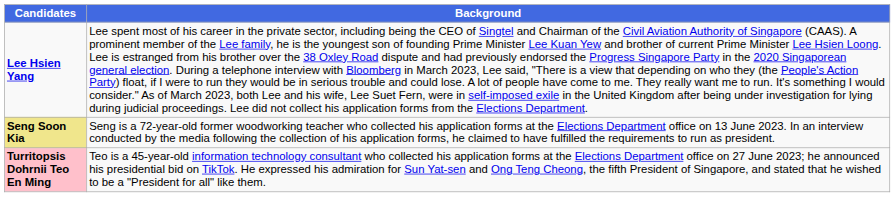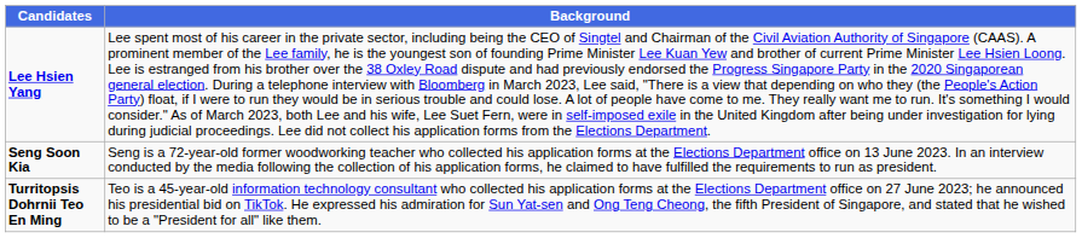 <table class="wikitable">
 <tr>
 <th style="background:RoyalBlue; color: white;">Candidates</th>
 <th style="background:RoyalBlue; color: white;">Background</th>
 </tr>
 <tr>
 <td><strong><a href='#'>Lee Hsien Yang</a></strong></td>
 <td>Lee spent most of his career in the private sector, including being the CEO of <a href='#'>Singtel</a> and Chairman of the <a href='#'>Civil Aviation Authority of Singapore</a> (CAAS). A prominent member of the <a href='#'>Lee family</a>, he is the youngest son of founding Prime Minister <a href='#'>Lee Kuan Yew</a> and brother of current Prime Minister <a href='#'>Lee Hsien Loong</a>. Lee is estranged from his brother over the <a href='#'>38 Oxley Road</a> dispute and had previously endorsed the <a href='#'>Progress Singapore Party</a> in the <a href='#'>2020 Singaporean general election</a>. During a telephone interview with <a href='#'>Bloomberg</a> in March 2023, Lee said, "There is a view that depending on who they (the <a href='#'>People's Action Party</a>) float, if I were to run they would be in serious trouble and could lose. A lot of people have come to me. They really want me to run. It's something I would consider." As of March 2023, both Lee and his wife, Lee Suet Fern, were in <a href='#'>self-imposed exile</a> in the United Kingdom after being under investigation for lying during judicial proceedings. Lee did not collect his application forms from the <a href='#'>Elections Department</a>.</td>
 </tr>
 <tr>
-<td style="background: khaki;"><strong>Seng Soon Kia</strong></td>
+<td><strong>Seng Soon Kia</strong></td>
 <td>Seng is a 72-year-old former woodworking teacher who collected his application forms at the <a href='#'>Elections Department</a> office on 13 June 2023. In an interview conducted by the media following the collection of his application forms, he claimed to have fulfilled the requirements to run as president.</td>
 </tr>
 <tr>
-<td style="background: pink;"><strong>Turritopsis Dohrnii Teo En Ming</strong></td>
+<td><strong>Turritopsis Dohrnii Teo En Ming</strong></td>
 <td>Teo is a 45-year-old <a href='#'>information technology consultant</a> who collected his application forms at the <a href='#'>Elections Department</a> office on 27 June 2023; he announced his presidential bid on <a href='#'>TikTok</a>. He expressed his admiration for <a href='#'>Sun Yat-sen</a> and <a href='#'>Ong Teng Cheong</a>, the fifth President of Singapore, and stated that he wished to be a "President for all" like them.</td>
 </tr>
 </table>
